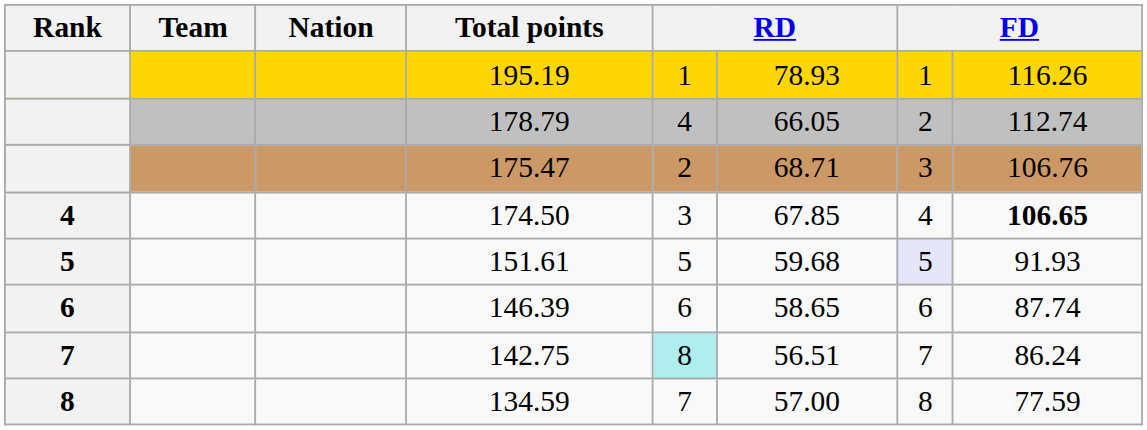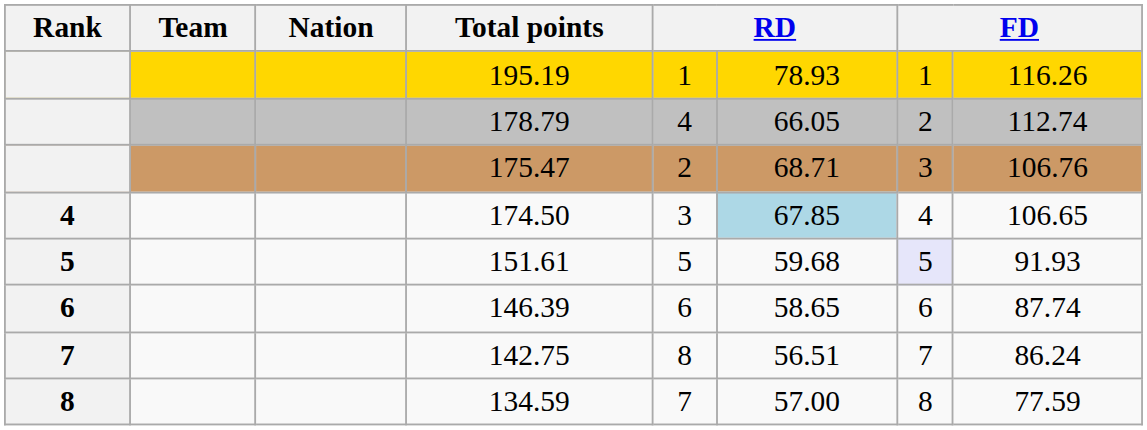 <table class="wikitable sortable" style="text-align:center;" width="70%">
 <tr>
 <th scope="col">Rank</th>
 <th scope="col">Team</th>
 <th scope="col">Nation</th>
 <th scope="col">Total points</th>
 <th scope="col" colspan="2" width="80px"><a href='#'>RD</a></th>
 <th scope="col" colspan="2" width="80px"><a href='#'>FD</a></th>
 </tr>
 <tr bgcolor="gold">
 <th scope="row"></th>
 <td align="left"></td>
 <td align="left"></td>
 <td>195.19</td>
 <td>1</td>
 <td>78.93</td>
 <td>1</td>
 <td>116.26</td>
 </tr>
 <tr bgcolor="silver">
 <th scope="row"></th>
 <td align="left"></td>
 <td align="left"></td>
 <td>178.79</td>
 <td>4</td>
 <td>66.05</td>
 <td>2</td>
 <td>112.74</td>
 </tr>
 <tr bgcolor="cc9966">
 <th scope="row"></th>
 <td align="left"></td>
 <td align="left"></td>
 <td>175.47</td>
 <td>2</td>
 <td>68.71</td>
 <td>3</td>
 <td>106.76</td>
 </tr>
 <tr>
 <th>4</th>
 <td align="left"></td>
 <td align="left"></td>
 <td>174.50</td>
 <td>3</td>
-<td>67.85</td>
+<td style="background: lightblue;">67.85</td>
 <td>4</td>
-<td><strong>106.65</strong></td>
+<td>106.65</td>
 </tr>
 <tr>
 <th>5</th>
 <td align="left"></td>
 <td align="left"></td>
 <td>151.61</td>
 <td>5</td>
 <td>59.68</td>
 <td style="background: lavender;">5</td>
 <td>91.93</td>
 </tr>
 <tr>
 <th>6</th>
 <td align="left"></td>
 <td align="left"></td>
 <td>146.39</td>
 <td>6</td>
 <td>58.65</td>
 <td>6</td>
 <td>87.74</td>
 </tr>
 <tr>
 <th>7</th>
 <td align="left"></td>
 <td align="left"></td>
 <td>142.75</td>
-<td style="background: paleturquoise;">8</td>
+<td>8</td>
 <td>56.51</td>
 <td>7</td>
 <td>86.24</td>
 </tr>
 <tr>
 <th>8</th>
 <td align="left"></td>
 <td align="left"></td>
 <td>134.59</td>
 <td>7</td>
 <td>57.00</td>
 <td>8</td>
 <td>77.59</td>
 </tr>
 </table>
